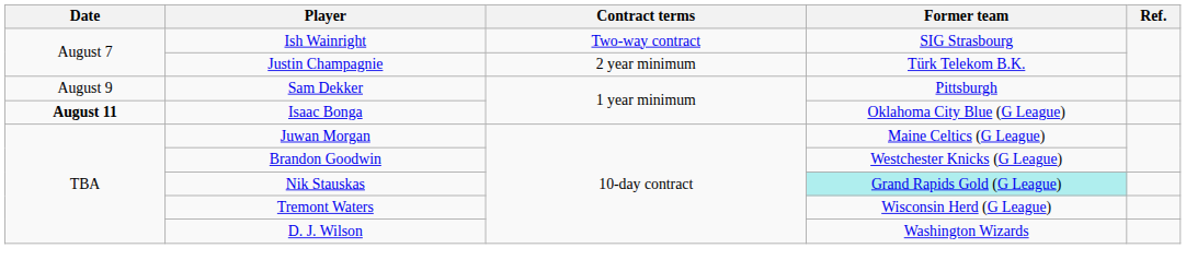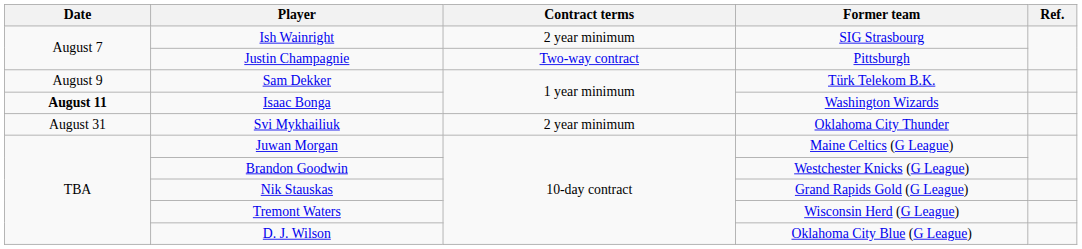 <table class="wikitable sortable sortable" style="text-align: center">
 <tr>
 <th width="5%">Date</th>
 <th width="10%">Player</th>
 <th width="10%">Contract terms</th>
 <th width="10%">Former team</th>
 <th class="unsortable" width="1%">Ref.</th>
 </tr>
 <tr>
 <td rowspan="2">August 7</td>
 <td><a href='#'>Ish Wainright</a></td>
-<td><a href='#'>Two-way contract</a></td>
+<td>2 year minimum</td>
 <td><a href='#'>SIG Strasbourg</a></td>
 <td rowspan="2"></td>
 </tr>
 <tr>
 <td><a href='#'>Justin Champagnie</a></td>
-<td>2 year minimum</td>
-<td><a href='#'>Türk Telekom B.K.</a></td>
+<td><a href='#'>Two-way contract</a></td>
+<td><a href='#'>Pittsburgh</a></td>
 </tr>
 <tr>
 <td>August 9</td>
 <td><a href='#'>Sam Dekker</a></td>
 <td rowspan="2">1 year minimum</td>
-<td><a href='#'>Pittsburgh</a></td>
+<td><a href='#'>Türk Telekom B.K.</a></td>
 <td></td>
 </tr>
 <tr>
 <td><strong>August 11</strong></td>
 <td><a href='#'>Isaac Bonga</a></td>
-<td><a href='#'>Oklahoma City Blue</a> (<a href='#'>G League</a>)</td>
+<td><a href='#'>Washington Wizards</a></td>
+<td></td>
+</tr>
+<tr>
+<td>August 31</td>
+<td><a href='#'>Svi Mykhailiuk</a></td>
+<td>2 year minimum</td>
+<td><a href='#'>Oklahoma City Thunder</a></td>
 <td></td>
 </tr>
 <tr>
 <td rowspan="5">TBA</td>
 <td><a href='#'>Juwan Morgan</a></td>
 <td rowspan="5">10-day contract</td>
 <td><a href='#'>Maine Celtics</a> (<a href='#'>G League</a>)</td>
 <td rowspan="2"></td>
 </tr>
 <tr>
 <td><a href='#'>Brandon Goodwin</a></td>
 <td><a href='#'>Westchester Knicks</a> (<a href='#'>G League</a>)</td>
 </tr>
 <tr>
 <td><a href='#'>Nik Stauskas</a></td>
-<td style="background: paleturquoise;"><a href='#'>Grand Rapids Gold</a> (<a href='#'>G League</a>)</td>
+<td><a href='#'>Grand Rapids Gold</a> (<a href='#'>G League</a>)</td>
 <td></td>
 </tr>
 <tr>
 <td><a href='#'>Tremont Waters</a></td>
 <td><a href='#'>Wisconsin Herd</a> (<a href='#'>G League</a>)</td>
 <td></td>
 </tr>
 <tr>
 <td><a href='#'>D. J. Wilson</a></td>
-<td><a href='#'>Washington Wizards</a></td>
+<td><a href='#'>Oklahoma City Blue</a> (<a href='#'>G League</a>)</td>
 <td></td>
 </tr>
 </table>
